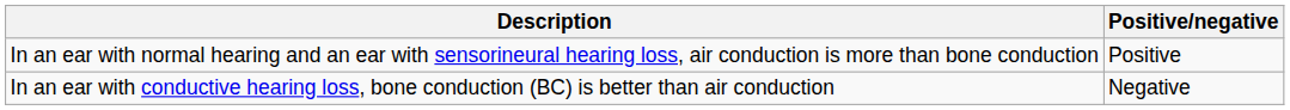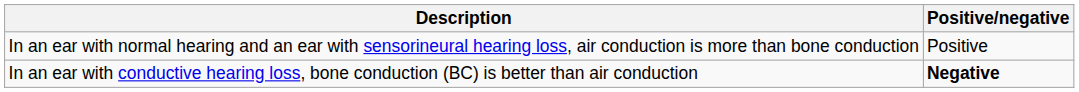 <table class="wikitable">
 <tr>
 <th>Description</th>
 <th>Positive/negative</th>
 </tr>
 <tr>
 <td>In an ear with normal hearing and an ear with <a href='#'>sensorineural hearing loss</a>, air conduction is more than bone conduction</td>
 <td>Positive</td>
 </tr>
 <tr>
 <td>In an ear with <a href='#'>conductive hearing loss</a>, bone conduction (BC) is better than air conduction</td>
-<td>Negative</td>
+<td><strong>Negative</strong></td>
 </tr>
 </table>
